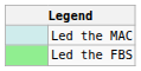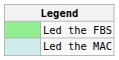 <table class="wikitable">
 <tr>
 <th colspan="2">Legend</th>
 </tr>
 <tr>
+<td bgcolor=lightgreen width=3em></td>
+<td>Led the FBS</td>
+</tr>
+<tr>
 <td style="background:#cfecec; width:3em;"></td>
 <td>Led the MAC</td>
 </tr>
-<tr>
-<td bgcolor=lightgreen width=3em></td>
-<td>Led the FBS</td>
-</tr>
 </table>
